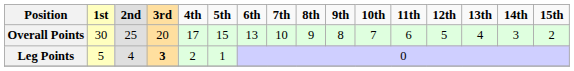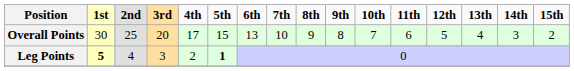 <table class="wikitable" style="font-size:85%; text-align:center">
 <tr>
 <th>Position</th>
 <td style="background:#ffffbf;"> <strong>1st</strong> </td>
 <td style="background:#dfdfdf;"> <strong>2nd</strong> </td>
 <td style="background:#ffdf9f;"> <strong>3rd</strong> </td>
 <td> <strong>4th</strong> </td>
 <td> <strong>5th</strong> </td>
 <td> <strong>6th</strong> </td>
 <td> <strong>7th</strong> </td>
 <td> <strong>8th</strong> </td>
 <td> <strong>9th</strong> </td>
 <td> <strong>10th</strong> </td>
 <td> <strong>11th</strong> </td>
 <td> <strong>12th</strong> </td>
 <td> <strong>13th</strong> </td>
 <td> <strong>14th</strong> </td>
 <td> <strong>15th</strong> </td>
 </tr>
 <tr>
 <th>Overall Points</th>
 <td style="background:#ffffbf;">30</td>
 <td style="background:#dfdfdf;">25</td>
 <td style="background:#ffdf9f;">20</td>
 <td style="background:#dfffdf;">17</td>
 <td style="background:#dfffdf;">15</td>
 <td style="background:#dfffdf;">13</td>
 <td style="background:#dfffdf;">10</td>
 <td style="background:#dfffdf;">9</td>
 <td style="background:#dfffdf;">8</td>
 <td style="background:#dfffdf;">7</td>
 <td style="background:#dfffdf;">6</td>
 <td style="background:#dfffdf;">5</td>
 <td style="background:#dfffdf;">4</td>
 <td style="background:#dfffdf;">3</td>
 <td style="background:#dfffdf;">2</td>
 </tr>
 <tr>
 <th>Leg Points</th>
-<td style="background:#ffffbf;">5</td>
+<td style="background:#ffffbf;"><strong>5</strong></td>
 <td style="background:#dfdfdf;">4</td>
-<td style="background:#ffdf9f;"><strong>3</strong></td>
+<td style="background:#ffdf9f;">3</td>
 <td style="background:#dfffdf;">2</td>
-<td style="background:#dfffdf;">1</td>
+<td style="background:#dfffdf;"><strong>1</strong></td>
 <td style="background:#cfcfff;" colspan=10>0</td>
 </tr>
 <tr>
 </tr>
 </table>
